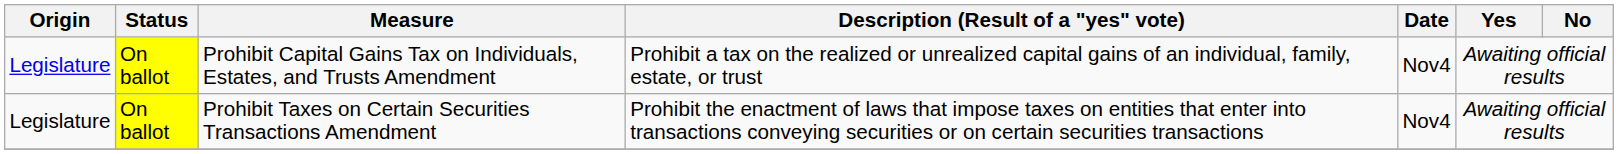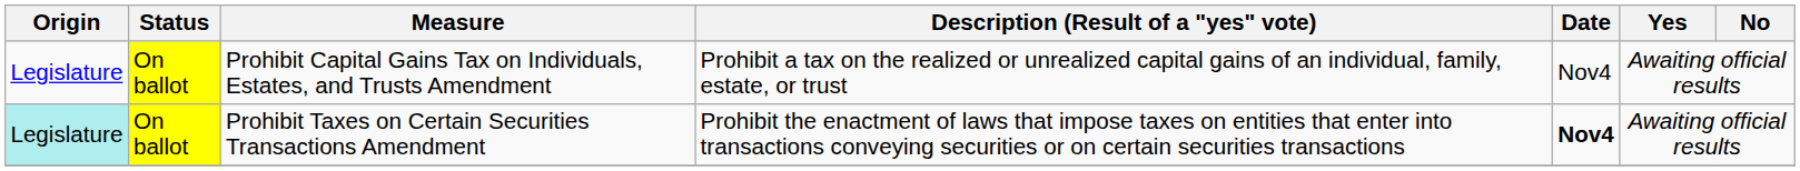 <table class="wikitable">
 <tr>
 <th>Origin</th>
 <th>Status</th>
 <th>Measure</th>
 <th>Description (Result of a "yes" vote)</th>
 <th>Date</th>
 <th>Yes</th>
 <th>No</th>
 </tr>
 <tr>
 <td><a href='#'>Legislature</a></td>
 <td style="background-color:#ffff00;">On ballot</td>
 <td>Prohibit Capital Gains Tax on Individuals, Estates, and Trusts Amendment</td>
 <td>Prohibit a tax on the realized or unrealized capital gains of an individual, family, estate, or trust</td>
 <td>Nov4</td>
 <td style="text-align:center;" colspan=2><em>Awaiting official results</em></td>
 </tr>
 <tr>
-<td>Legislature</td>
+<td style="background: paleturquoise;">Legislature</td>
 <td style="background-color:#ffff00;">On ballot</td>
 <td>Prohibit Taxes on Certain Securities Transactions Amendment</td>
 <td>Prohibit the enactment of laws that impose taxes on entities that enter into transactions conveying securities or on certain securities transactions</td>
-<td>Nov4</td>
+<td><strong>Nov4</strong></td>
 <td style="text-align:center;" colspan=2><em>Awaiting official results</em></td>
 </tr>
 <tr>
 </tr>
 </table>
